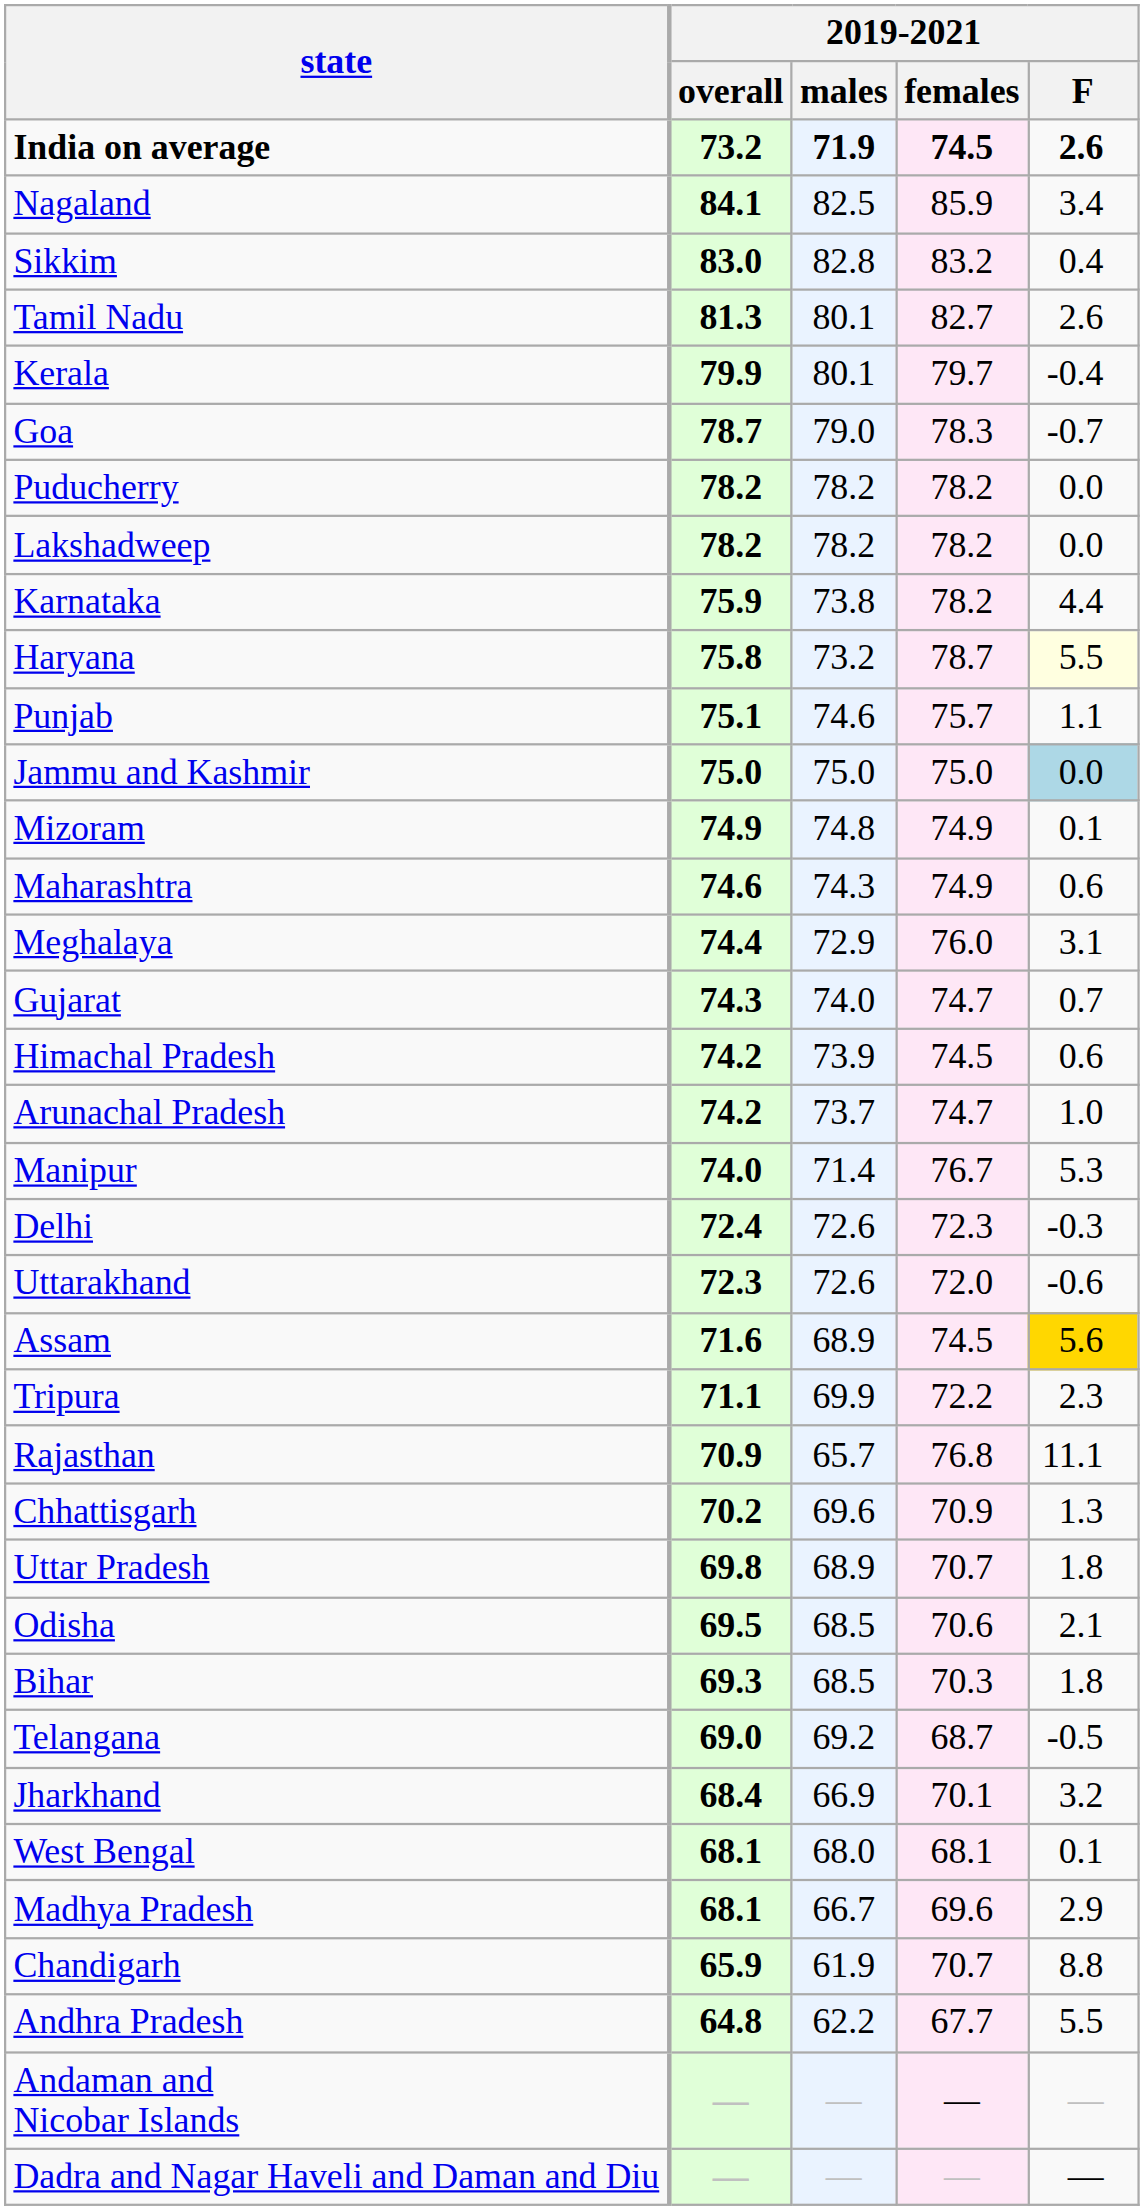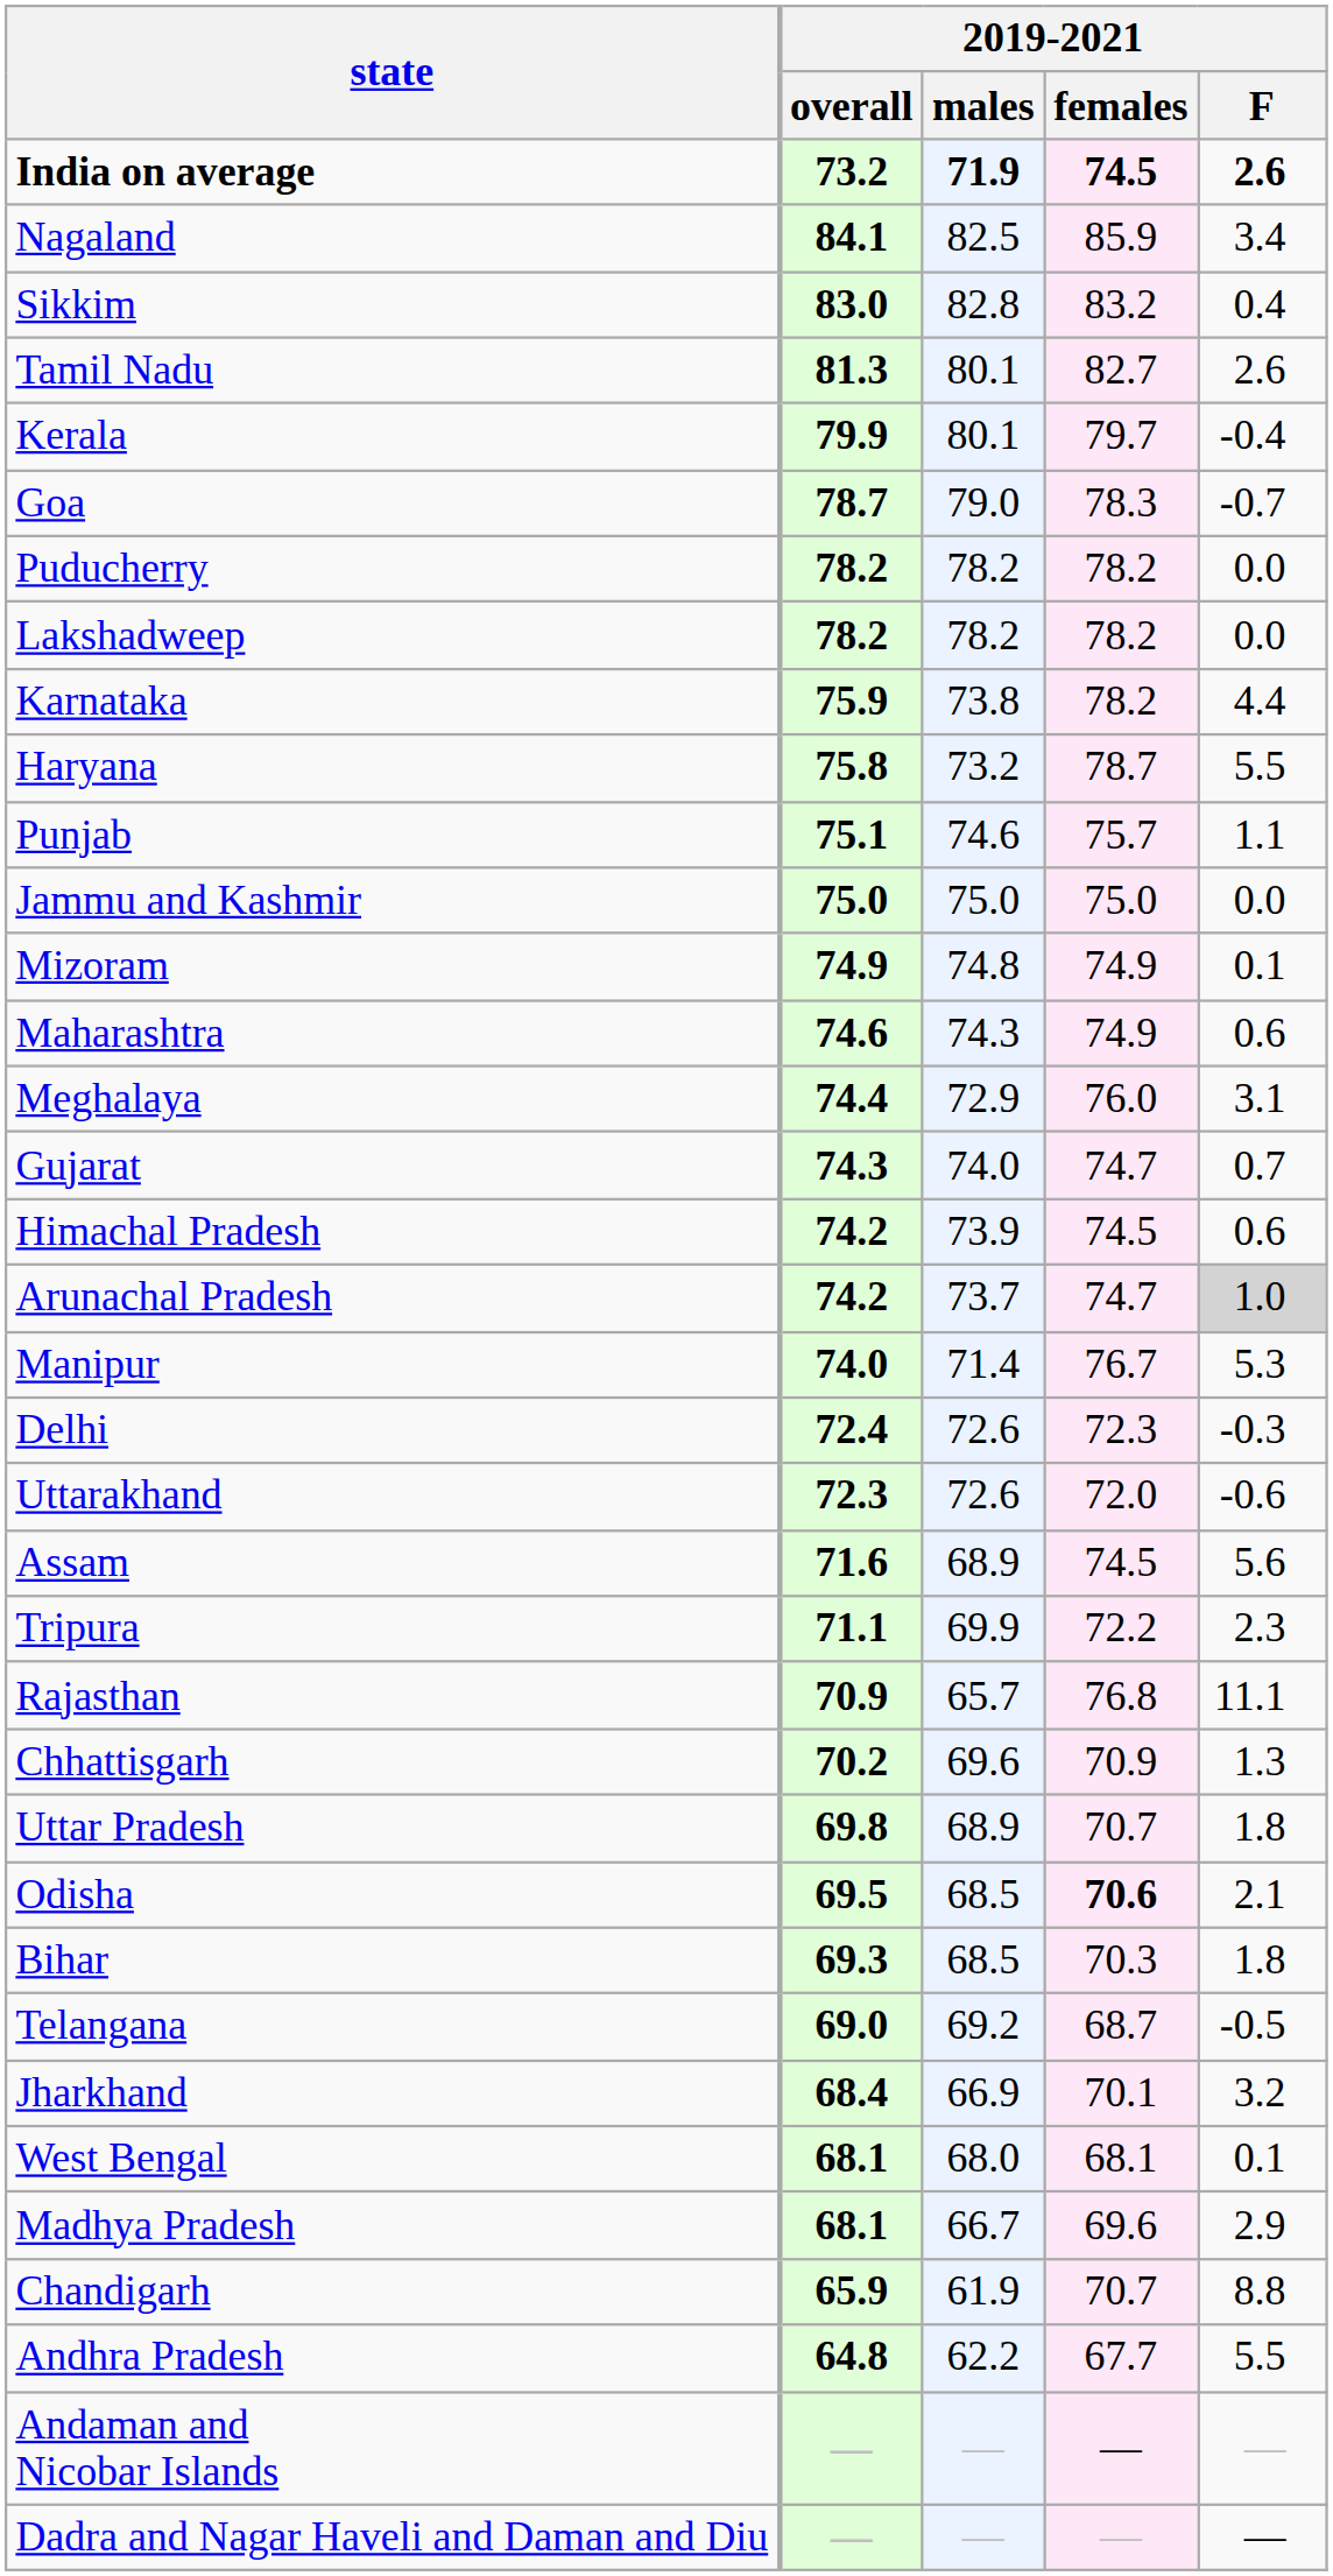 <table class="wikitable sortable static-row-numbers sort-under" style="text-align:right;">
 <tr class="static-row-header" style="text-align:center;vertical-align:bottom;">
 <th rowspan=2 style="vertical-align:middle;"><a href='#'>state</a></th>
 <th colspan=4 style="border-left-width:2px;">2019-2021</th>
 </tr>
 <tr class="static-row-header" style="text-align:center;vertical-align:bottom;">
 <th style="vertical-align:middle;border-left-width:2px;">overall</th>
 <th style="vertical-align:middle;">males</th>
 <th style="vertical-align:middle;">females</th>
 <th style="width:2.6em;">F </th>
 </tr>
 <tr class=static-row-header>
 <td style="text-align:left;"><strong>India on average</strong></td>
 <td style="text-align:center;background:#e0ffd8;border-left-width:2px;"><strong>73.2</strong></td>
 <td style="text-align:center;background:#eaf3ff;"><strong>71.9</strong></td>
 <td style="text-align:center;background:#fee7f6;"><strong>74.5</strong></td>
 <td style="padding-right:2ex;"><strong>2.6</strong></td>
 </tr>
 <tr>
 <td style="text-align:left;"><a href='#'>Nagaland</a></td>
 <td style="text-align:center;background:#e0ffd8;border-left-width:2px;"><strong>84.1</strong></td>
 <td style="text-align:center;background:#eaf3ff;">82.5</td>
 <td style="text-align:center;background:#fee7f6;">85.9</td>
 <td style="padding-right:2ex;">3.4</td>
 </tr>
 <tr>
 <td style="text-align:left;"><a href='#'>Sikkim</a></td>
 <td style="text-align:center;background:#e0ffd8;border-left-width:2px;"><strong>83.0</strong></td>
 <td style="text-align:center;background:#eaf3ff;">82.8</td>
 <td style="text-align:center;background:#fee7f6;">83.2</td>
 <td style="padding-right:2ex;">0.4</td>
 </tr>
 <tr>
 <td style="text-align:left;"><a href='#'>Tamil Nadu</a></td>
 <td style="text-align:center;background:#e0ffd8;border-left-width:2px;"><strong>81.3</strong></td>
 <td style="text-align:center;background:#eaf3ff;">80.1</td>
 <td style="text-align:center;background:#fee7f6;">82.7</td>
 <td style="padding-right:2ex;">2.6</td>
 </tr>
 <tr>
 <td style="text-align:left;"><a href='#'>Kerala</a></td>
 <td style="text-align:center;background:#e0ffd8;border-left-width:2px;"><strong>79.9</strong></td>
 <td style="text-align:center;background:#eaf3ff;">80.1</td>
 <td style="text-align:center;background:#fee7f6;">79.7</td>
 <td style="padding-right:2ex;">-0.4</td>
 </tr>
 <tr>
 <td style="text-align:left;"><a href='#'>Goa</a></td>
 <td style="text-align:center;background:#e0ffd8;border-left-width:2px;"><strong>78.7</strong></td>
 <td style="text-align:center;background:#eaf3ff;">79.0</td>
 <td style="text-align:center;background:#fee7f6;">78.3</td>
 <td style="padding-right:2ex;">-0.7</td>
 </tr>
 <tr>
 <td style="text-align:left;"><a href='#'>Puducherry</a></td>
 <td style="text-align:center;background:#e0ffd8;border-left-width:2px;"><strong>78.2</strong></td>
 <td style="text-align:center;background:#eaf3ff;">78.2</td>
 <td style="text-align:center;background:#fee7f6;">78.2</td>
 <td style="padding-right:2ex;">0.0</td>
 </tr>
 <tr>
 <td style="text-align:left;"><a href='#'>Lakshadweep</a></td>
 <td style="text-align:center;background:#e0ffd8;border-left-width:2px;"><strong>78.2</strong></td>
 <td style="text-align:center;background:#eaf3ff;">78.2</td>
 <td style="text-align:center;background:#fee7f6;">78.2</td>
 <td style="padding-right:2ex;">0.0</td>
 </tr>
 <tr>
 <td style="text-align:left;"><a href='#'>Karnataka</a></td>
 <td style="text-align:center;background:#e0ffd8;border-left-width:2px;"><strong>75.9</strong></td>
 <td style="text-align:center;background:#eaf3ff;">73.8</td>
 <td style="text-align:center;background:#fee7f6;">78.2</td>
 <td style="padding-right:2ex;">4.4</td>
 </tr>
 <tr>
 <td style="text-align:left;"><a href='#'>Haryana</a></td>
 <td style="text-align:center;background:#e0ffd8;border-left-width:2px;"><strong>75.8</strong></td>
 <td style="text-align:center;background:#eaf3ff;">73.2</td>
 <td style="text-align:center;background:#fee7f6;">78.7</td>
-<td style="background: lightyellow; padding-right:2ex;">5.5</td>
+<td style="padding-right:2ex;">5.5</td>
 </tr>
 <tr>
 <td style="text-align:left;"><a href='#'>Punjab</a></td>
 <td style="text-align:center;background:#e0ffd8;border-left-width:2px;"><strong>75.1</strong></td>
 <td style="text-align:center;background:#eaf3ff;">74.6</td>
 <td style="text-align:center;background:#fee7f6;">75.7</td>
 <td style="padding-right:2ex;">1.1</td>
 </tr>
 <tr>
 <td style="text-align:left;"><a href='#'>Jammu and Kashmir</a></td>
 <td style="text-align:center;background:#e0ffd8;border-left-width:2px;"><strong>75.0</strong></td>
 <td style="text-align:center;background:#eaf3ff;">75.0</td>
 <td style="text-align:center;background:#fee7f6;">75.0</td>
-<td style="background: lightblue; padding-right:2ex;">0.0</td>
+<td style="padding-right:2ex;">0.0</td>
 </tr>
 <tr>
 <td style="text-align:left;"><a href='#'>Mizoram</a></td>
 <td style="text-align:center;background:#e0ffd8;border-left-width:2px;"><strong>74.9</strong></td>
 <td style="text-align:center;background:#eaf3ff;">74.8</td>
 <td style="text-align:center;background:#fee7f6;">74.9</td>
 <td style="padding-right:2ex;">0.1</td>
 </tr>
 <tr>
 <td style="text-align:left;"><a href='#'>Maharashtra</a></td>
 <td style="text-align:center;background:#e0ffd8;border-left-width:2px;"><strong>74.6</strong></td>
 <td style="text-align:center;background:#eaf3ff;">74.3</td>
 <td style="text-align:center;background:#fee7f6;">74.9</td>
 <td style="padding-right:2ex;">0.6</td>
 </tr>
 <tr>
 <td style="text-align:left;"><a href='#'>Meghalaya</a></td>
 <td style="text-align:center;background:#e0ffd8;border-left-width:2px;"><strong>74.4</strong></td>
 <td style="text-align:center;background:#eaf3ff;">72.9</td>
 <td style="text-align:center;background:#fee7f6;">76.0</td>
 <td style="padding-right:2ex;">3.1</td>
 </tr>
 <tr>
 <td style="text-align:left;"><a href='#'>Gujarat</a></td>
 <td style="text-align:center;background:#e0ffd8;border-left-width:2px;"><strong>74.3</strong></td>
 <td style="text-align:center;background:#eaf3ff;">74.0</td>
 <td style="text-align:center;background:#fee7f6;">74.7</td>
 <td style="padding-right:2ex;">0.7</td>
 </tr>
 <tr>
 <td style="text-align:left;"><a href='#'>Himachal Pradesh</a></td>
 <td style="text-align:center;background:#e0ffd8;border-left-width:2px;"><strong>74.2</strong></td>
 <td style="text-align:center;background:#eaf3ff;">73.9</td>
 <td style="text-align:center;background:#fee7f6;">74.5</td>
 <td style="padding-right:2ex;">0.6</td>
 </tr>
 <tr>
 <td style="text-align:left;"><a href='#'>Arunachal Pradesh</a></td>
 <td style="text-align:center;background:#e0ffd8;border-left-width:2px;"><strong>74.2</strong></td>
 <td style="text-align:center;background:#eaf3ff;">73.7</td>
 <td style="text-align:center;background:#fee7f6;">74.7</td>
-<td style="padding-right:2ex;">1.0</td>
+<td style="background: lightgrey; padding-right:2ex;">1.0</td>
 </tr>
 <tr>
 <td style="text-align:left;"><a href='#'>Manipur</a></td>
 <td style="text-align:center;background:#e0ffd8;border-left-width:2px;"><strong>74.0</strong></td>
 <td style="text-align:center;background:#eaf3ff;">71.4</td>
 <td style="text-align:center;background:#fee7f6;">76.7</td>
 <td style="padding-right:2ex;">5.3</td>
 </tr>
 <tr>
 <td style="text-align:left;"><a href='#'>Delhi</a></td>
 <td style="text-align:center;background:#e0ffd8;border-left-width:2px;"><strong>72.4</strong></td>
 <td style="text-align:center;background:#eaf3ff;">72.6</td>
 <td style="text-align:center;background:#fee7f6;">72.3</td>
 <td style="padding-right:2ex;">-0.3</td>
 </tr>
 <tr>
 <td style="text-align:left;"><a href='#'>Uttarakhand</a></td>
 <td style="text-align:center;background:#e0ffd8;border-left-width:2px;"><strong>72.3</strong></td>
 <td style="text-align:center;background:#eaf3ff;">72.6</td>
 <td style="text-align:center;background:#fee7f6;">72.0</td>
 <td style="padding-right:2ex;">-0.6</td>
 </tr>
 <tr>
 <td style="text-align:left;"><a href='#'>Assam</a></td>
 <td style="text-align:center;background:#e0ffd8;border-left-width:2px;"><strong>71.6</strong></td>
 <td style="text-align:center;background:#eaf3ff;">68.9</td>
 <td style="text-align:center;background:#fee7f6;">74.5</td>
-<td style="background: gold; padding-right:2ex;">5.6</td>
+<td style="padding-right:2ex;">5.6</td>
 </tr>
 <tr>
 <td style="text-align:left;"><a href='#'>Tripura</a></td>
 <td style="text-align:center;background:#e0ffd8;border-left-width:2px;"><strong>71.1</strong></td>
 <td style="text-align:center;background:#eaf3ff;">69.9</td>
 <td style="text-align:center;background:#fee7f6;">72.2</td>
 <td style="padding-right:2ex;">2.3</td>
 </tr>
 <tr>
 <td style="text-align:left;"><a href='#'>Rajasthan</a></td>
 <td style="text-align:center;background:#e0ffd8;border-left-width:2px;"><strong>70.9</strong></td>
 <td style="text-align:center;background:#eaf3ff;">65.7</td>
 <td style="text-align:center;background:#fee7f6;">76.8</td>
 <td style="padding-right:2ex;">11.1</td>
 </tr>
 <tr>
 <td style="text-align:left;"><a href='#'>Chhattisgarh</a></td>
 <td style="text-align:center;background:#e0ffd8;border-left-width:2px;"><strong>70.2</strong></td>
 <td style="text-align:center;background:#eaf3ff;">69.6</td>
 <td style="text-align:center;background:#fee7f6;">70.9</td>
 <td style="padding-right:2ex;">1.3</td>
 </tr>
 <tr>
 <td style="text-align:left;"><a href='#'>Uttar Pradesh</a></td>
 <td style="text-align:center;background:#e0ffd8;border-left-width:2px;"><strong>69.8</strong></td>
 <td style="text-align:center;background:#eaf3ff;">68.9</td>
 <td style="text-align:center;background:#fee7f6;">70.7</td>
 <td style="padding-right:2ex;">1.8</td>
 </tr>
 <tr>
 <td style="text-align:left;"><a href='#'>Odisha</a></td>
 <td style="text-align:center;background:#e0ffd8;border-left-width:2px;"><strong>69.5</strong></td>
 <td style="text-align:center;background:#eaf3ff;">68.5</td>
-<td style="text-align:center;background:#fee7f6;">70.6</td>
+<td style="text-align:center;background:#fee7f6;"><strong>70.6</strong></td>
 <td style="padding-right:2ex;">2.1</td>
 </tr>
 <tr>
 <td style="text-align:left;"><a href='#'>Bihar</a></td>
 <td style="text-align:center;background:#e0ffd8;border-left-width:2px;"><strong>69.3</strong></td>
 <td style="text-align:center;background:#eaf3ff;">68.5</td>
 <td style="text-align:center;background:#fee7f6;">70.3</td>
 <td style="padding-right:2ex;">1.8</td>
 </tr>
 <tr>
 <td style="text-align:left;"><a href='#'>Telangana</a></td>
 <td style="text-align:center;background:#e0ffd8;border-left-width:2px;"><strong>69.0</strong></td>
 <td style="text-align:center;background:#eaf3ff;">69.2</td>
 <td style="text-align:center;background:#fee7f6;">68.7</td>
 <td style="padding-right:2ex;">-0.5</td>
 </tr>
 <tr>
 <td style="text-align:left;"><a href='#'>Jharkhand</a></td>
 <td style="text-align:center;background:#e0ffd8;border-left-width:2px;"><strong>68.4</strong></td>
 <td style="text-align:center;background:#eaf3ff;">66.9</td>
 <td style="text-align:center;background:#fee7f6;">70.1</td>
 <td style="padding-right:2ex;">3.2</td>
 </tr>
 <tr>
 <td style="text-align:left;"><a href='#'>West Bengal</a></td>
 <td style="text-align:center;background:#e0ffd8;border-left-width:2px;"><strong>68.1</strong></td>
 <td style="text-align:center;background:#eaf3ff;">68.0</td>
 <td style="text-align:center;background:#fee7f6;">68.1</td>
 <td style="padding-right:2ex;">0.1</td>
 </tr>
 <tr>
 <td style="text-align:left;"><a href='#'>Madhya Pradesh</a></td>
 <td style="text-align:center;background:#e0ffd8;border-left-width:2px;"><strong>68.1</strong></td>
 <td style="text-align:center;background:#eaf3ff;">66.7</td>
 <td style="text-align:center;background:#fee7f6;">69.6</td>
 <td style="padding-right:2ex;">2.9</td>
 </tr>
 <tr>
 <td style="text-align:left;"><a href='#'>Chandigarh</a></td>
 <td style="text-align:center;background:#e0ffd8;border-left-width:2px;"><strong>65.9</strong></td>
 <td style="text-align:center;background:#eaf3ff;">61.9</td>
 <td style="text-align:center;background:#fee7f6;">70.7</td>
 <td style="padding-right:2ex;">8.8</td>
 </tr>
 <tr>
 <td style="text-align:left;"><a href='#'>Andhra Pradesh</a></td>
 <td style="text-align:center;background:#e0ffd8;border-left-width:2px;"><strong>64.8</strong></td>
 <td style="text-align:center;background:#eaf3ff;">62.2</td>
 <td style="text-align:center;background:#fee7f6;">67.7</td>
 <td style="padding-right:2ex;">5.5</td>
 </tr>
 <tr>
 <td style="text-align:left;"><a href='#'>Andaman and<br>Nicobar Islands</a></td>
 <td style="text-align:center;background:#e0ffd8;border-left-width:2px;color:silver;"><strong>—</strong></td>
 <td style="text-align:center;background:#eaf3ff;color:silver;">—</td>
 <td style="text-align:center;background:#fee7f6;">—</td>
 <td style="padding-right:2ex;color:silver;">—</td>
 </tr>
 <tr>
 <td style="text-align:left;"><a href='#'>Dadra and Nagar Haveli and Daman and Diu</a></td>
 <td style="text-align:center;background:#e0ffd8;border-left-width:2px;color:silver;"><strong>—</strong></td>
 <td style="text-align:center;background:#eaf3ff;color:silver;">—</td>
 <td style="text-align:center;background:#fee7f6;color:silver;">—</td>
 <td style="padding-right:2ex;">—</td>
 </tr>
 </table>
